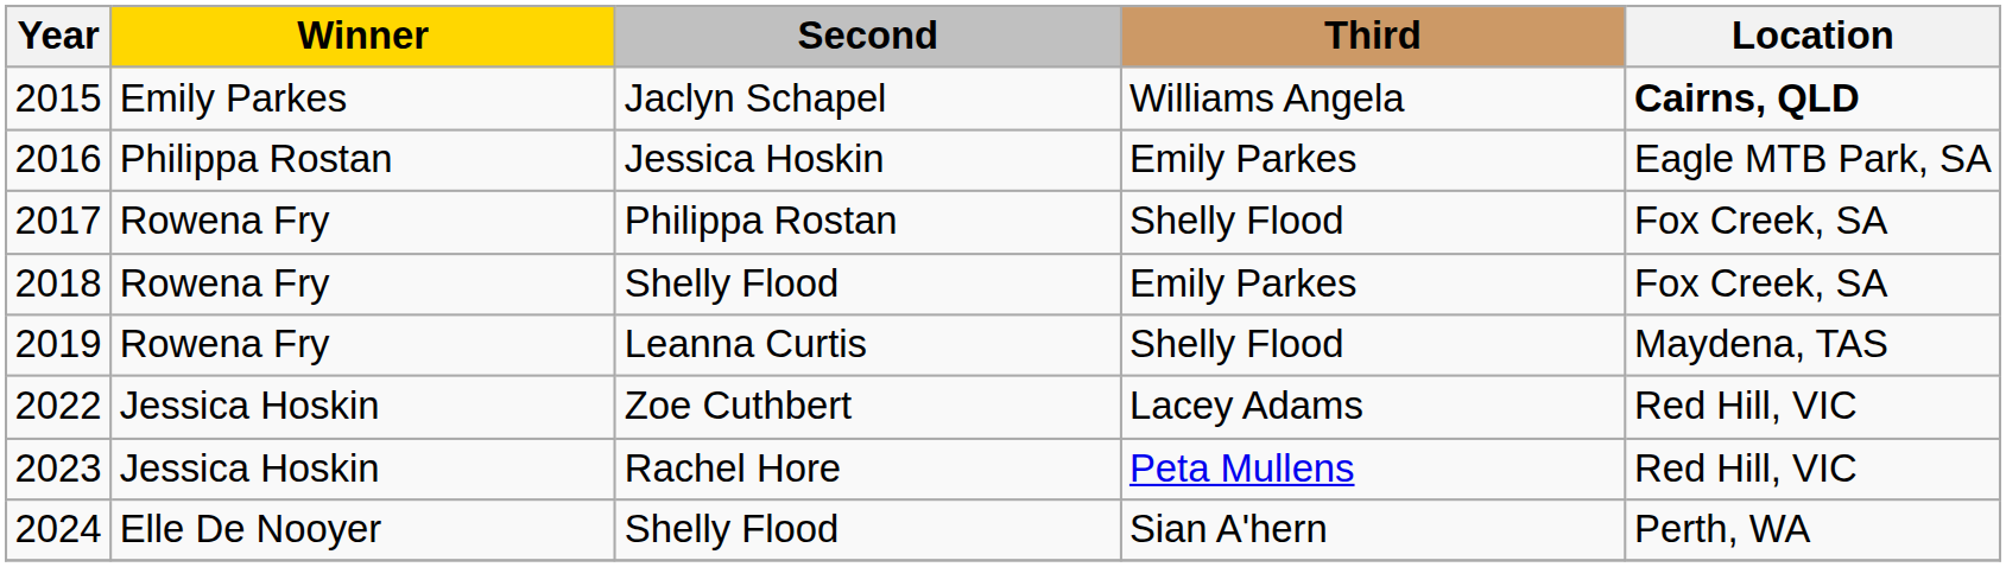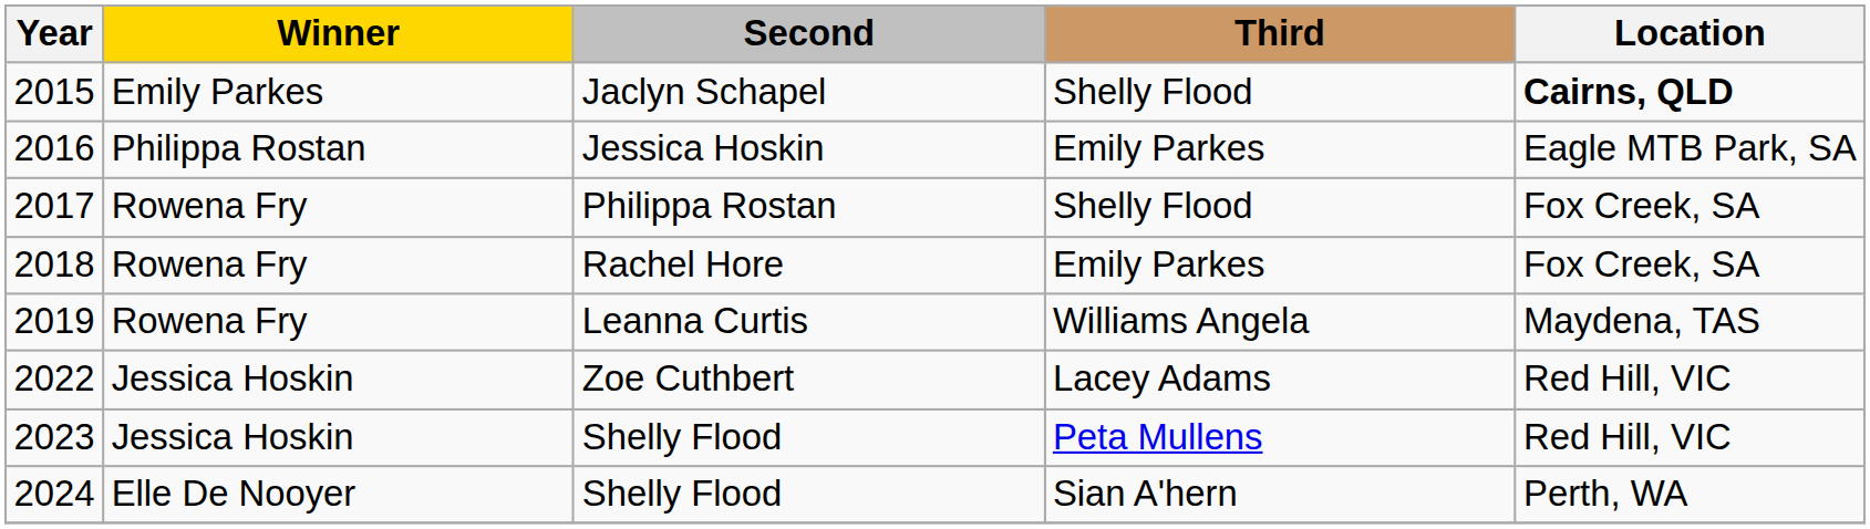 <table class="wikitable sortable">
 <tr>
 <th>Year</th>
 <th scope=col colspan=1 style="width:200px; color: black; background:gold;">Winner</th>
 <th scope=col colspan=1 style="width:200px; color: black; background:silver;">Second</th>
 <th scope=col colspan=1 style="width:200px; color: black; background:#cc9966;">Third</th>
 <th>Location</th>
 </tr>
 <tr>
 <td>2015</td>
 <td>Emily Parkes</td>
 <td>Jaclyn Schapel</td>
-<td>Williams Angela</td>
+<td>Shelly Flood</td>
 <td><strong>Cairns, QLD</strong></td>
 </tr>
 <tr>
 <td>2016</td>
 <td>Philippa Rostan</td>
 <td>Jessica Hoskin</td>
 <td>Emily Parkes</td>
 <td>Eagle MTB Park, SA</td>
 </tr>
 <tr>
 <td>2017</td>
 <td>Rowena Fry</td>
 <td>Philippa Rostan</td>
 <td>Shelly Flood</td>
 <td>Fox Creek, SA</td>
 </tr>
 <tr>
 <td>2018</td>
 <td>Rowena Fry</td>
-<td>Shelly Flood</td>
+<td>Rachel Hore</td>
 <td>Emily Parkes</td>
 <td>Fox Creek, SA</td>
 </tr>
 <tr>
 <td>2019</td>
 <td>Rowena Fry</td>
 <td>Leanna Curtis</td>
-<td>Shelly Flood</td>
+<td>Williams Angela</td>
 <td>Maydena, TAS</td>
 </tr>
 <tr>
 <td>2022</td>
 <td>Jessica Hoskin</td>
 <td>Zoe Cuthbert</td>
 <td>Lacey Adams</td>
 <td>Red Hill, VIC</td>
 </tr>
 <tr>
 <td>2023</td>
 <td>Jessica Hoskin</td>
-<td>Rachel Hore</td>
+<td>Shelly Flood</td>
 <td><a href='#'>Peta Mullens</a></td>
 <td>Red Hill, VIC</td>
 </tr>
 <tr>
 <td>2024</td>
 <td>Elle De Nooyer</td>
 <td>Shelly Flood</td>
 <td>Sian A'hern</td>
 <td>Perth, WA</td>
 </tr>
 <tr>
 </tr>
 </table>
